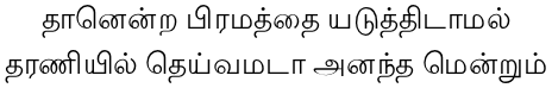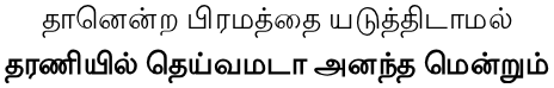 <table style="text-align:center">
 <tr>
 <td>தானென்ற பிரமத்தை யடுத்திடாமல்</td>
 </tr>
 <tr>
-<td>தரணியில் தெய்வமடா அனந்த மென்றும்</td>
+<td><strong>தரணியில் தெய்வமடா அனந்த மென்றும்</strong></td>
 </tr>
 <tr>
 </tr>
 </table>
